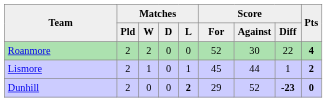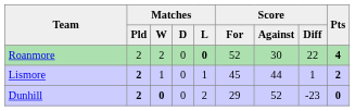 <table style=border-collapse:collapse border=1 cellspacing=0 cellpadding=5>
 <tr align=center bgcolor=#efefef>
 <th rowspan=2 width=165>Team</th>
 <th colspan=4>Matches</th>
 <th colspan=3>Score</th>
 <th rowspan=2width=20>Pts</th>
 </tr>
 <tr align=center bgcolor=#efefef>
 <th width=20>Pld</th>
 <th width=20>W</th>
 <th width=20>D</th>
 <th width=20>L</th>
 <th width=45>For</th>
 <th width=45>Against</th>
 <th width=30>Diff</th>
 </tr>
 <tr align=center  style="background:#ACE1AF;">
 <td style="text-align:left;"><a href='#'>Roanmore</a></td>
 <td>2</td>
 <td>2</td>
 <td>0</td>
-<td>0</td>
+<td><strong>0</strong></td>
 <td>52</td>
 <td>30</td>
 <td>22</td>
 <td><strong>4</strong></td>
 </tr>
 <tr align=center  style="background:#ccccff;">
 <td style="text-align:left;"><a href='#'>Lismore</a></td>
-<td>2</td>
+<td><strong>2</strong></td>
 <td>1</td>
 <td>0</td>
 <td>1</td>
 <td>45</td>
 <td>44</td>
 <td>1</td>
 <td><strong>2</strong></td>
 </tr>
 <tr align=center style="background:#ccccff;">
 <td style="text-align:left;"><a href='#'>Dunhill</a></td>
+<td><strong>2</strong></td>
+<td><strong>0</strong></td>
+<td>0</td>
 <td>2</td>
-<td>0</td>
-<td>0</td>
-<td><strong>2</strong></td>
 <td>29</td>
 <td>52</td>
-<td><strong>-23</strong></td>
+<td>-23</td>
 <td><strong>0</strong></td>
 </tr>
 </table>
